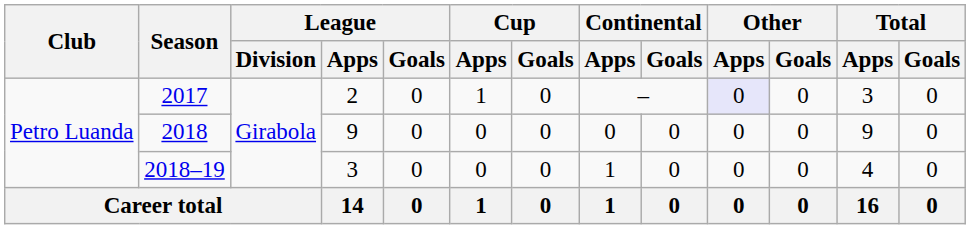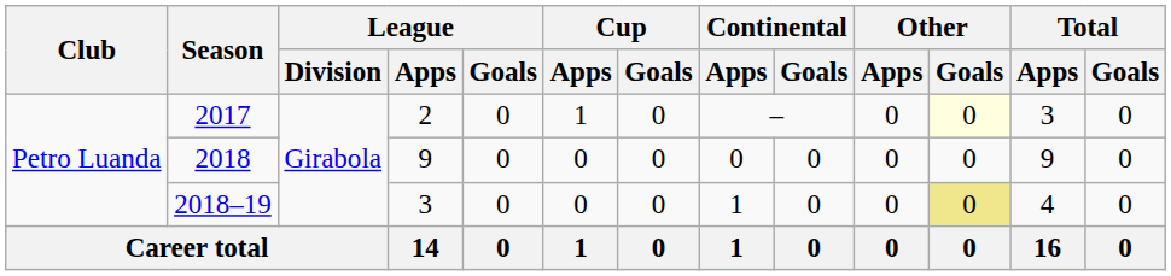 <table class="wikitable" style="text-align: center">
 <tr>
 <th rowspan="2">Club</th>
 <th rowspan="2">Season</th>
 <th colspan="3">League</th>
 <th colspan="2">Cup</th>
 <th colspan="2">Continental</th>
 <th colspan="2">Other</th>
 <th colspan="2">Total</th>
 </tr>
 <tr>
 <th>Division</th>
 <th>Apps</th>
 <th>Goals</th>
 <th>Apps</th>
 <th>Goals</th>
 <th>Apps</th>
 <th>Goals</th>
 <th>Apps</th>
 <th>Goals</th>
 <th>Apps</th>
 <th>Goals</th>
 </tr>
 <tr>
 <td rowspan="3"><a href='#'>Petro Luanda</a></td>
 <td><a href='#'>2017</a></td>
 <td rowspan="3"><a href='#'>Girabola</a></td>
 <td>2</td>
 <td>0</td>
 <td>1</td>
 <td>0</td>
 <td colspan="2">–</td>
-<td style="background: lavender;">0</td>
 <td>0</td>
+<td style="background: lightyellow;">0</td>
 <td>3</td>
 <td>0</td>
 </tr>
 <tr>
 <td><a href='#'>2018</a></td>
 <td>9</td>
 <td>0</td>
 <td>0</td>
 <td>0</td>
 <td>0</td>
 <td>0</td>
 <td>0</td>
 <td>0</td>
 <td>9</td>
 <td>0</td>
 </tr>
 <tr>
 <td><a href='#'>2018–19</a></td>
 <td>3</td>
 <td>0</td>
 <td>0</td>
 <td>0</td>
 <td>1</td>
 <td>0</td>
 <td>0</td>
-<td>0</td>
+<td style="background: khaki;">0</td>
 <td>4</td>
 <td>0</td>
 </tr>
 <tr>
 <th colspan="3"><strong>Career total</strong></th>
 <th>14</th>
 <th>0</th>
 <th>1</th>
 <th>0</th>
 <th>1</th>
 <th>0</th>
 <th>0</th>
 <th>0</th>
 <th>16</th>
 <th>0</th>
 </tr>
 </table>
